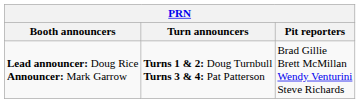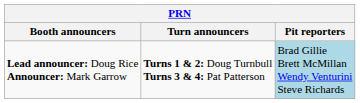 <table class="wikitable" style="font-size: 95%">
 <tr>
 <th colspan="3"><a href='#'>PRN</a></th>
 </tr>
 <tr>
 <th>Booth announcers</th>
 <th>Turn announcers</th>
 <th>Pit reporters</th>
 </tr>
 <tr>
 <td><strong>Lead announcer:</strong> Doug Rice<br><strong>Announcer:</strong> Mark Garrow</td>
 <td><strong>Turns 1 & 2:</strong> Doug Turnbull<br><strong>Turns 3 & 4:</strong> Pat Patterson</td>
-<td>Brad Gillie<br>Brett McMillan<br><a href='#'>Wendy Venturini</a><br>Steve Richards</td>
+<td style="background: lightblue;">Brad Gillie<br>Brett McMillan<br><a href='#'>Wendy Venturini</a><br>Steve Richards</td>
 </tr>
 </table>
